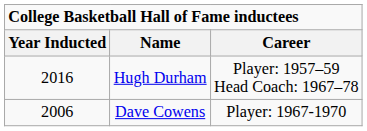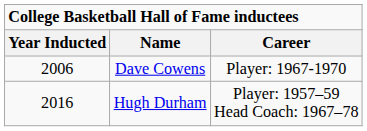 <table class="wikitable">
 <tr>
 <td colspan="3"><strong>College Basketball Hall of Fame inductees</strong></td>
 </tr>
 <tr>
 <th>Year Inducted</th>
 <th>Name</th>
 <th>Career</th>
 </tr>
 <tr style="text-align:center;">
+<td>2006</td>
+<td><a href='#'>Dave Cowens</a></td>
+<td>Player: 1967-1970</td>
+</tr>
+<tr style="text-align:center;">
 <td>2016</td>
 <td><a href='#'>Hugh Durham</a></td>
 <td>Player: 1957–59<br>Head Coach: 1967–78</td>
 </tr>
-<tr style="text-align:center;">
-<td>2006</td>
-<td><a href='#'>Dave Cowens</a></td>
-<td>Player: 1967-1970</td>
-</tr>
 </table>
